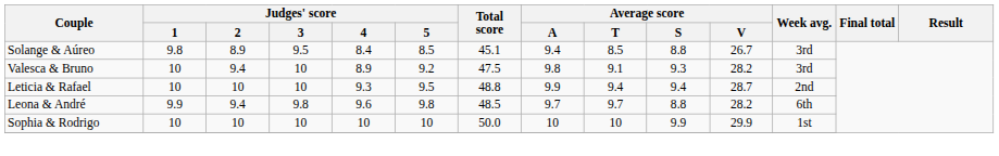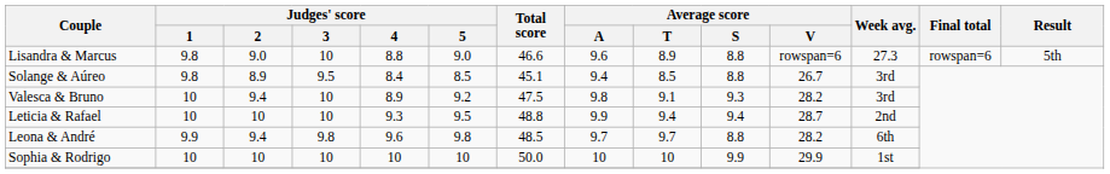 <table class="wikitable" style="font-size:100%; line-height:16px; text-align:center" width="100%">
 <tr>
 <th rowspan=2 style="width:11.0%;">Couple</th>
 <th colspan=5 style="width:25.0%;">Judges' score</th>
 <th rowspan=2 style="width:05.0%;">Total score</th>
 <th colspan=4 style="width:20.0%;">Average score</th>
 <th rowspan=2 style="width:05.0%;">Week avg.</th>
 <th rowspan=2 style="width:05.0%;">Final total</th>
 <th rowspan=2 style="width:07.5%;">Result</th>
 </tr>
 <tr>
 <th style="width:05.0%;">1</th>
 <th style="width:05.0%;">2</th>
 <th style="width:05.0%;">3</th>
 <th style="width:05.0%;">4</th>
 <th style="width:05.0%;">5</th>
 <th style="width:05.0%;">A</th>
 <th style="width:05.0%;">T</th>
 <th style="width:05.0%;">S</th>
 <th style="width:05.0%;">V</th>
+</tr>
+<tr>
+<td align="left">Lisandra & Marcus</td>
+<td>9.8</td>
+<td>9.0</td>
+<td>10</td>
+<td>8.8</td>
+<td>9.0</td>
+<td>46.6</td>
+<td>9.6</td>
+<td>8.9</td>
+<td>8.8</td>
+<td>rowspan=6 </td>
+<td>27.3</td>
+<td>rowspan=6 </td>
+<td>5th</td>
 </tr>
 <tr>
 <td align="left">Solange & Aúreo</td>
 <td>9.8</td>
 <td>8.9</td>
 <td>9.5</td>
 <td>8.4</td>
 <td>8.5</td>
 <td>45.1</td>
 <td>9.4</td>
 <td>8.5</td>
 <td>8.8</td>
 <td>26.7</td>
 <td>3rd</td>
 </tr>
 <tr>
 <td align="left">Valesca & Bruno</td>
 <td>10</td>
 <td>9.4</td>
 <td>10</td>
 <td>8.9</td>
 <td>9.2</td>
 <td>47.5</td>
 <td>9.8</td>
 <td>9.1</td>
 <td>9.3</td>
 <td>28.2</td>
 <td>3rd</td>
 </tr>
 <tr>
 <td align="left">Leticia & Rafael</td>
 <td>10</td>
 <td>10</td>
 <td>10</td>
 <td>9.3</td>
 <td>9.5</td>
 <td>48.8</td>
 <td>9.9</td>
 <td>9.4</td>
 <td>9.4</td>
 <td>28.7</td>
 <td>2nd</td>
 </tr>
 <tr>
 <td align="left">Leona & André</td>
 <td>9.9</td>
 <td>9.4</td>
 <td>9.8</td>
 <td>9.6</td>
 <td>9.8</td>
 <td>48.5</td>
 <td>9.7</td>
 <td>9.7</td>
 <td>8.8</td>
 <td>28.2</td>
 <td>6th</td>
 </tr>
 <tr>
 <td align="left">Sophia & Rodrigo</td>
 <td>10</td>
 <td>10</td>
 <td>10</td>
 <td>10</td>
 <td>10</td>
 <td>50.0</td>
 <td>10</td>
 <td>10</td>
 <td>9.9</td>
 <td>29.9</td>
 <td>1st</td>
 </tr>
 <tr>
 </tr>
 </table>
